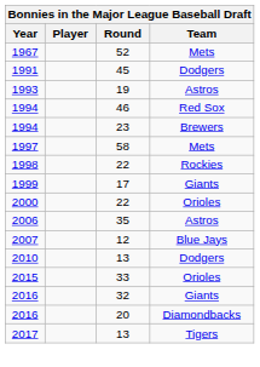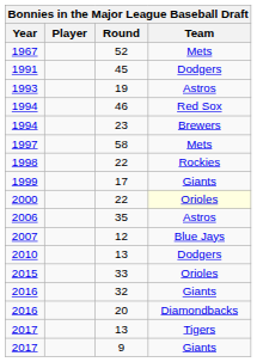 <table class="wikitable sortable collapsible open" style="text-align:center">
 <tr>
 <th colspan=4>Bonnies in the Major League Baseball Draft</th>
 </tr>
 <tr>
 <th>Year</th>
 <th>Player</th>
 <th>Round</th>
 <th>Team</th>
 </tr>
 <tr>
 <td><a href='#'>1967</a></td>
 <td></td>
 <td>52</td>
 <td><a href='#'>Mets</a></td>
 </tr>
 <tr>
 <td><a href='#'>1991</a></td>
 <td></td>
 <td>45</td>
 <td><a href='#'>Dodgers</a></td>
 </tr>
 <tr>
 <td><a href='#'>1993</a></td>
 <td></td>
 <td>19</td>
 <td><a href='#'>Astros</a></td>
 </tr>
 <tr>
 <td><a href='#'>1994</a></td>
 <td></td>
 <td>46</td>
 <td><a href='#'>Red Sox</a></td>
 </tr>
 <tr>
 <td><a href='#'>1994</a></td>
 <td></td>
 <td>23</td>
 <td><a href='#'>Brewers</a></td>
 </tr>
 <tr>
 <td><a href='#'>1997</a></td>
 <td></td>
 <td>58</td>
 <td><a href='#'>Mets</a></td>
 </tr>
 <tr>
 <td><a href='#'>1998</a></td>
 <td></td>
 <td>22</td>
 <td><a href='#'>Rockies</a></td>
 </tr>
 <tr>
 <td><a href='#'>1999</a></td>
 <td></td>
 <td>17</td>
 <td><a href='#'>Giants</a></td>
 </tr>
 <tr>
 <td><a href='#'>2000</a></td>
 <td></td>
 <td>22</td>
-<td><a href='#'>Orioles</a></td>
+<td style="background: lightyellow;"><a href='#'>Orioles</a></td>
 </tr>
 <tr>
 <td><a href='#'>2006</a></td>
 <td></td>
 <td>35</td>
 <td><a href='#'>Astros</a></td>
 </tr>
 <tr>
 <td><a href='#'>2007</a></td>
 <td></td>
 <td>12</td>
 <td><a href='#'>Blue Jays</a></td>
 </tr>
 <tr>
 <td><a href='#'>2010</a></td>
 <td></td>
 <td>13</td>
 <td><a href='#'>Dodgers</a></td>
 </tr>
 <tr>
 <td><a href='#'>2015</a></td>
 <td></td>
 <td>33</td>
 <td><a href='#'>Orioles</a></td>
 </tr>
 <tr>
 <td><a href='#'>2016</a></td>
 <td></td>
 <td>32</td>
 <td><a href='#'>Giants</a></td>
 </tr>
 <tr>
 <td><a href='#'>2016</a></td>
 <td></td>
 <td>20</td>
 <td><a href='#'>Diamondbacks</a></td>
 </tr>
 <tr>
 <td><a href='#'>2017</a></td>
 <td></td>
 <td>13</td>
 <td><a href='#'>Tigers</a></td>
 </tr>
+<tr>
+<td><a href='#'>2017</a></td>
+<td></td>
+<td>9</td>
+<td><a href='#'>Giants</a></td>
+</tr>
 </table>
